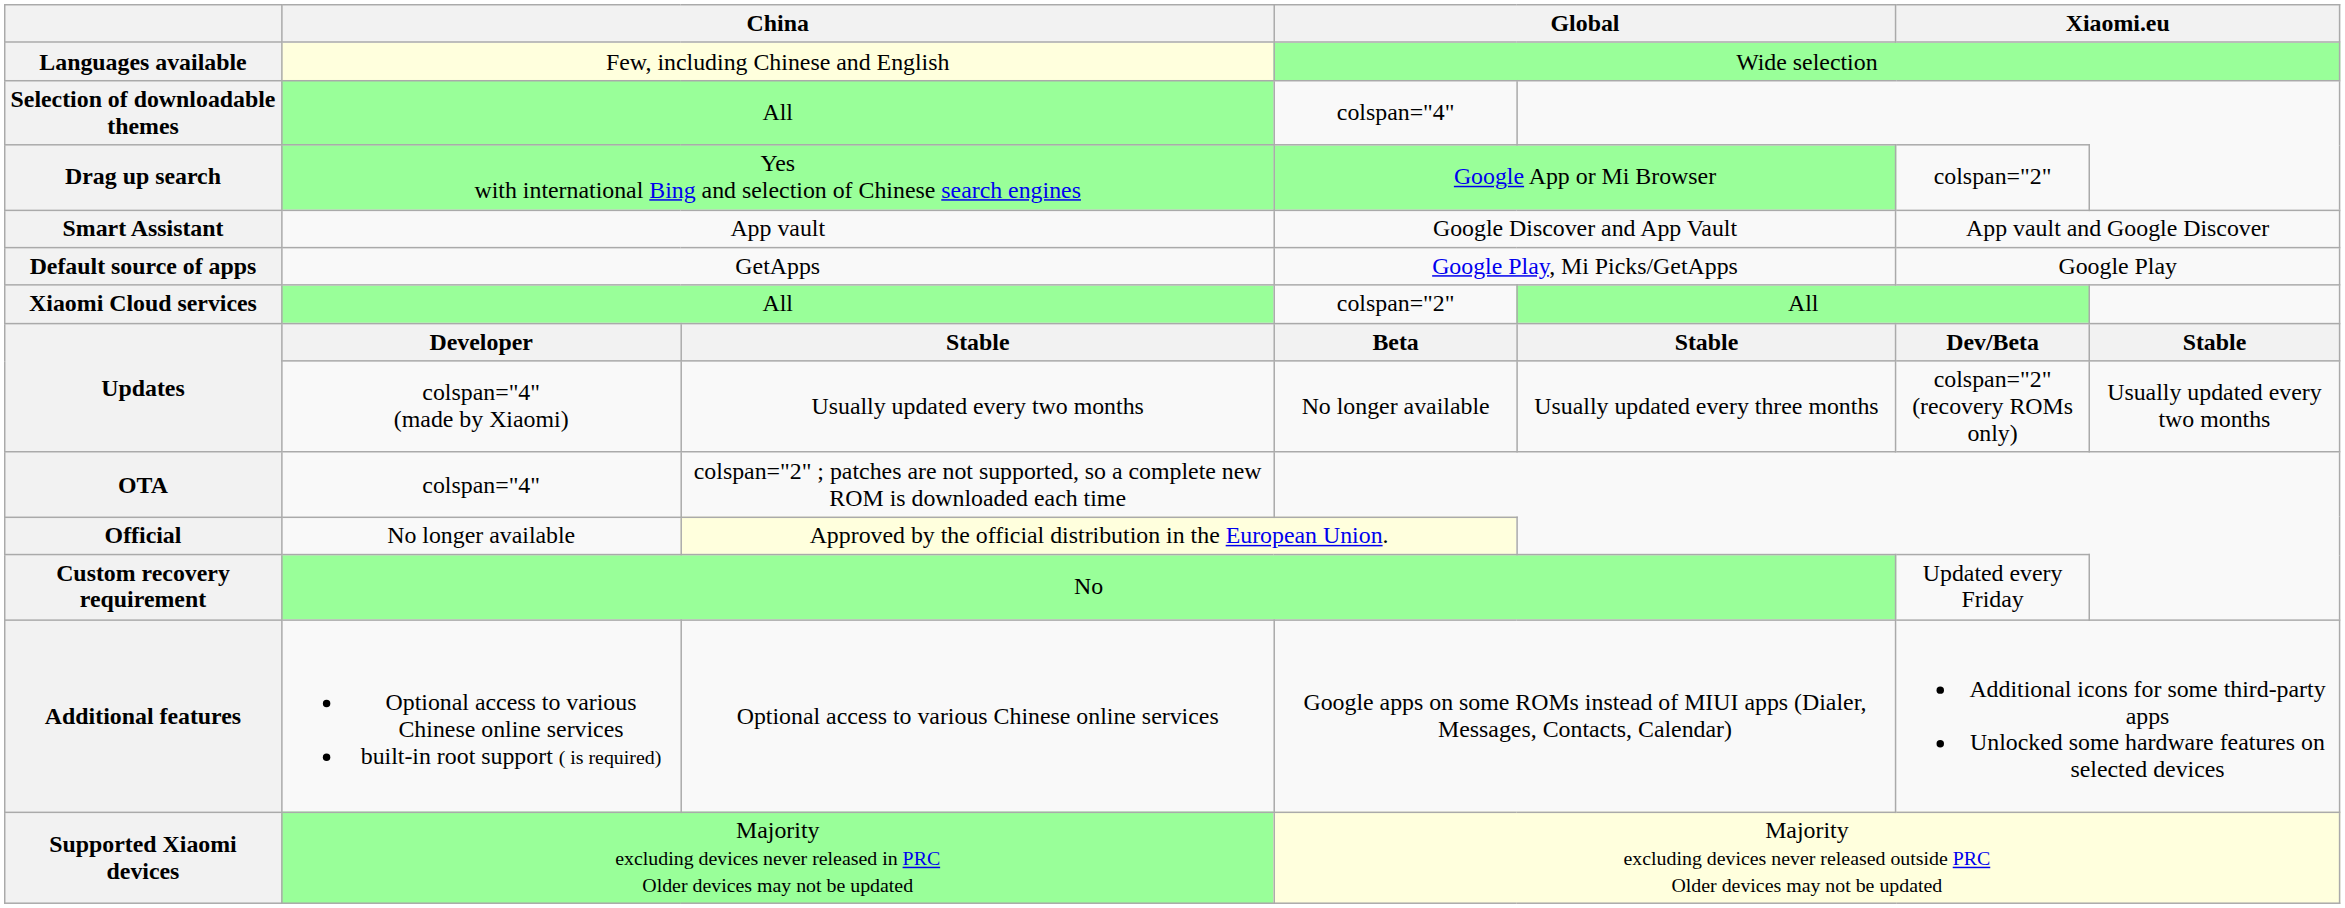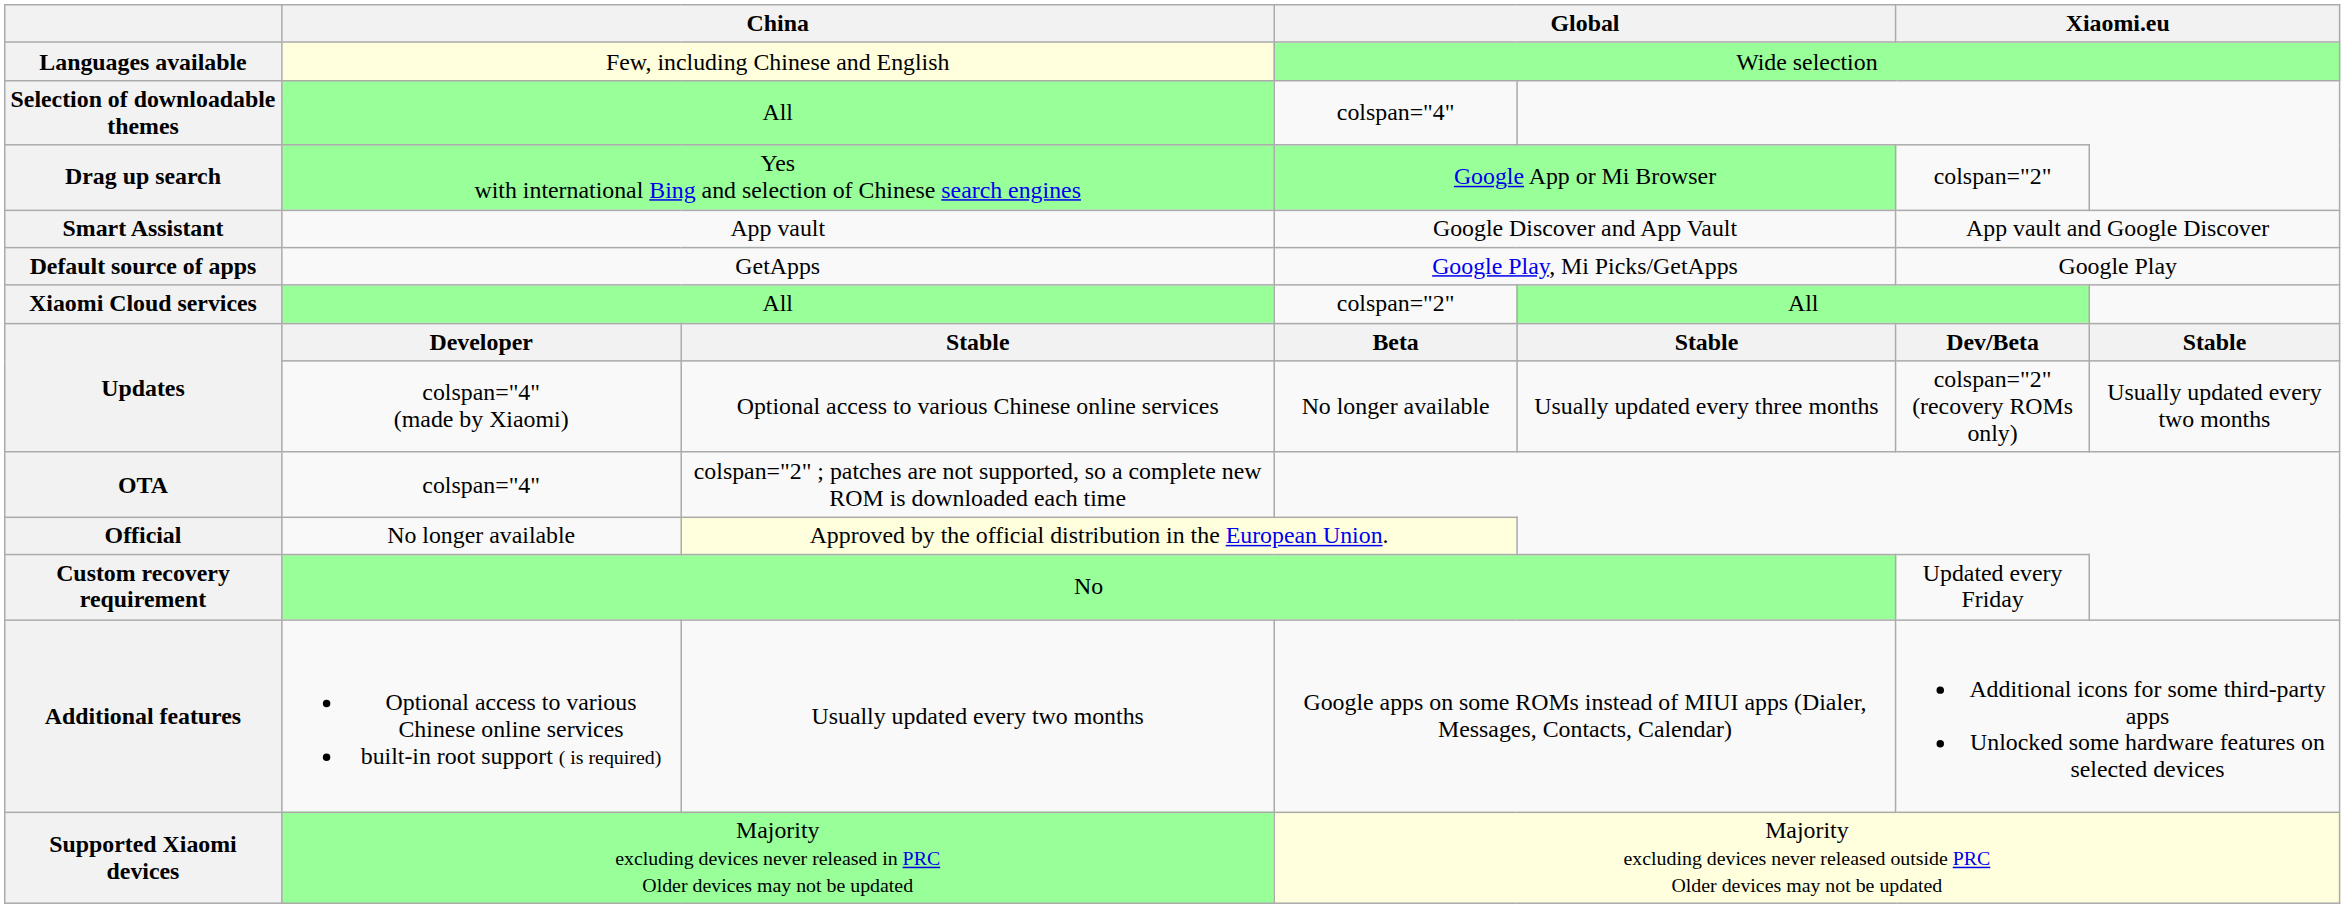 <table class="wikitable mw-collapsible" style="text-align:center">
 <tr>
 <th></th>
 <th colspan="2">China</th>
 <th colspan="2">Global</th>
 <th colspan="2">Xiaomi.eu</th>
 </tr>
 <tr>
 <th>Languages available</th>
 <td colspan="2" style="background: #FFD; vertical-align: middle; text-align: center; " class="partial table-partial">Few, including Chinese and English</td>
 <td colspan="4" style="background:#9F9;vertical-align:middle;text-align:center;" class="table-yes">Wide selection</td>
 </tr>
 <tr>
 <th>Selection of downloadable themes</th>
 <td colspan="2" style="background:#9F9;vertical-align:middle;text-align:center;" class="table-yes">All</td>
 <td>colspan="4" </td>
 </tr>
 <tr>
 <th>Drag up search</th>
 <td colspan="2" style="background:#9F9;vertical-align:middle;text-align:center;" class="table-yes">Yes<br>with international <a href='#'>Bing</a> and selection of Chinese <a href='#'>search engines</a></td>
 <td colspan="2" style="background: #9F9; vertical-align: middle; text-align: center; " class="partial table-partial"><a href='#'>Google</a> App or Mi Browser</td>
 <td>colspan="2" </td>
 </tr>
 <tr>
 <th>Smart Assistant</th>
 <td colspan="2">App vault</td>
 <td colspan="2">Google Discover and App Vault</td>
 <td colspan="2">App vault and Google Discover</td>
 </tr>
 <tr>
 <th>Default source of apps</th>
 <td colspan="2">GetApps</td>
 <td colspan="2"><a href='#'>Google Play</a>, Mi Picks/GetApps</td>
 <td colspan="2">Google Play</td>
 </tr>
 <tr>
 <th>Xiaomi Cloud services</th>
 <td colspan="2" style="background:#9F9;vertical-align:middle;text-align:center;" class="table-yes">All</td>
 <td>colspan="2" </td>
 <td colspan="2" style="background:#9F9;vertical-align:middle;text-align:center;" class="table-yes">All</td>
 </tr>
 <tr>
 <th rowspan="2">Updates</th>
 <th>Developer</th>
 <th>Stable</th>
 <th>Beta</th>
 <th>Stable</th>
 <th>Dev/Beta</th>
 <th>Stable</th>
 </tr>
 <tr>
 <td>colspan="4" <br>(made by Xiaomi)</td>
-<td>Usually updated every two months</td>
+<td>Optional access to various Chinese online services</td>
 <td>No longer available</td>
 <td>Usually updated every three months</td>
 <td>colspan="2" <br>(recovery ROMs only)</td>
 <td>Usually updated every two months</td>
 </tr>
 <tr>
 <th>OTA</th>
 <td>colspan="4" </td>
 <td>colspan="2" ; patches are not supported, so a complete new ROM is downloaded each time</td>
 </tr>
 <tr>
 <th>Official</th>
 <td>No longer available</td>
 <td colspan="2" style="background: #FFD; vertical-align: middle; text-align: center; " class="partial table-partial">Approved by the official distribution in the <a href='#'>European Union</a>.</td>
 </tr>
 <tr>
 <th>Custom recovery requirement</th>
 <td colspan="4" style="background:#9F9;vertical-align:middle;text-align:center;" class="table-yes">No</td>
 <td>Updated every Friday</td>
 </tr>
 <tr>
 <th>Additional features</th>
 <td><br><ul><li>Optional access to various Chinese online services</li><li>built-in root support <small>(  is required)</small></li></ul></td>
-<td>Optional access to various Chinese online services</td>
+<td>Usually updated every two months</td>
 <td colspan="2">Google apps on some ROMs instead of MIUI apps (Dialer, Messages, Contacts, Calendar)</td>
 <td colspan="2"><br><ul><li>Additional icons for some third-party apps</li><li>Unlocked some hardware features on selected devices</li></ul></td>
 </tr>
 <tr>
 <th>Supported Xiaomi devices</th>
 <td colspan="2" style="background:#9F9;vertical-align:middle;text-align:center;" class="table-yes">Majority<br><small>excluding devices never released in <a href='#'>PRC</a></small><br><small>Older devices may not be updated</small></td>
 <td colspan="4" style="background: #FFD; vertical-align: middle; text-align: center; " class="partial table-partial">Majority<br><small>excluding devices never released outside <a href='#'>PRC</a></small><br><small>Older devices may not be updated</small></td>
 </tr>
 </table>
